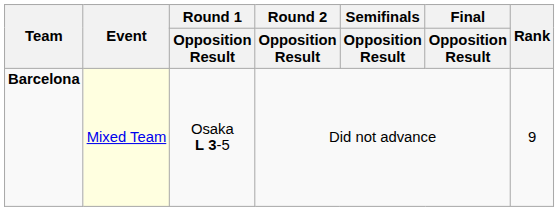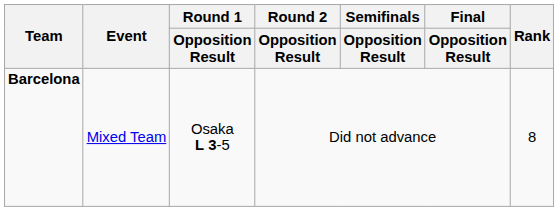 <table class="wikitable" border="1" style="font-size:90%">
 <tr>
 <th rowspan=2>Team</th>
 <th rowspan=2>Event</th>
 <th>Round 1</th>
 <th>Round 2</th>
 <th>Semifinals</th>
 <th>Final</th>
 <th rowspan=2>Rank</th>
 </tr>
 <tr>
 <th>Opposition<br>Result</th>
 <th>Opposition<br>Result</th>
 <th>Opposition<br>Result</th>
 <th>Opposition<br>Result</th>
 </tr>
 <tr>
 <td><strong>Barcelona</strong><br><br><br><br><br><br><br><br></td>
-<td style="background: lightyellow;"><a href='#'>Mixed Team</a></td>
+<td><a href='#'>Mixed Team</a></td>
 <td align=center>Osaka <br> <strong>L</strong> <strong>3</strong>-5</td>
 <td align=center colspan=3>Did not advance</td>
-<td align=center>9</td>
+<td align=center>8</td>
 </tr>
 </table>
